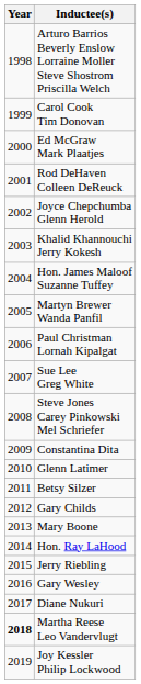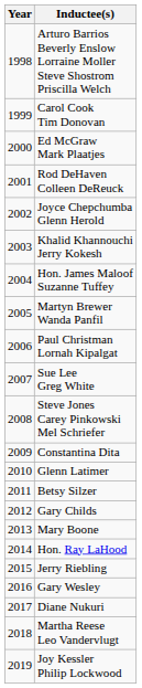 <table class="wikitable sortable mw-collapsible mw-collapsed">
 <tr>
 <th>Year</th>
 <th>Inductee(s)</th>
 </tr>
 <tr>
 <td>1998</td>
 <td>Arturo Barrios<br>Beverly Enslow<br>Lorraine Moller<br>Steve Shostrom<br>Priscilla Welch</td>
 </tr>
 <tr>
 <td>1999</td>
 <td>Carol Cook<br>Tim Donovan</td>
 </tr>
 <tr>
 <td>2000</td>
 <td>Ed McGraw<br>Mark Plaatjes</td>
 </tr>
 <tr>
 <td>2001</td>
 <td>Rod DeHaven<br>Colleen DeReuck</td>
 </tr>
 <tr>
 <td>2002</td>
 <td>Joyce Chepchumba<br>Glenn Herold</td>
 </tr>
 <tr>
 <td>2003</td>
 <td>Khalid Khannouchi<br>Jerry Kokesh</td>
 </tr>
 <tr>
 <td>2004</td>
 <td>Hon. James Maloof<br>Suzanne Tuffey</td>
 </tr>
 <tr>
 <td>2005</td>
 <td>Martyn Brewer<br>Wanda Panfil</td>
 </tr>
 <tr>
 <td>2006</td>
 <td>Paul Christman<br>Lornah Kipalgat</td>
 </tr>
 <tr>
 <td>2007</td>
 <td>Sue Lee<br>Greg White</td>
 </tr>
 <tr>
 <td>2008</td>
 <td>Steve Jones<br>Carey Pinkowski<br>Mel Schriefer</td>
 </tr>
 <tr>
 <td>2009</td>
 <td>Constantina Dita</td>
 </tr>
 <tr>
 <td>2010</td>
 <td>Glenn Latimer</td>
 </tr>
 <tr>
 <td>2011</td>
 <td>Betsy Silzer</td>
 </tr>
 <tr>
 <td>2012</td>
 <td>Gary Childs</td>
 </tr>
 <tr>
 <td>2013</td>
 <td>Mary Boone</td>
 </tr>
 <tr>
 <td>2014</td>
 <td>Hon. <a href='#'>Ray LaHood</a></td>
 </tr>
 <tr>
 <td>2015</td>
 <td>Jerry Riebling</td>
 </tr>
 <tr>
 <td>2016</td>
 <td>Gary Wesley</td>
 </tr>
 <tr>
 <td>2017</td>
 <td>Diane Nukuri</td>
 </tr>
 <tr>
-<td><strong>2018</strong></td>
+<td>2018</td>
 <td>Martha Reese<br>Leo Vandervlugt</td>
 </tr>
 <tr>
 <td>2019</td>
 <td>Joy Kessler<br>Philip Lockwood</td>
 </tr>
 </table>
